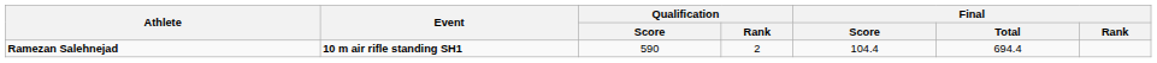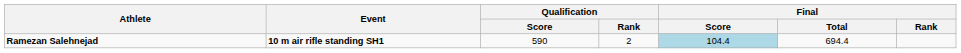 <table class="wikitable" width="75%" style="text-align:center; font-size:90%">
 <tr>
 <th rowspan="2" width="22%">Athlete</th>
 <th rowspan="2" width="18%">Event</th>
 <th colspan="2">Qualification</th>
 <th colspan="3">Final</th>
 </tr>
 <tr>
 <th width="10%">Score</th>
 <th width="5%">Rank</th>
 <th width="10%">Score</th>
 <th width="10%">Total</th>
 <th width="5%">Rank</th>
 </tr>
 <tr>
 <td align="left"><strong>Ramezan Salehnejad</strong></td>
 <td align="left"><strong>10 m air rifle standing SH1</strong></td>
 <td>590</td>
 <td>2 <strong></strong></td>
-<td>104.4</td>
+<td style="background: lightblue;">104.4</td>
 <td>694.4</td>
 <td></td>
 </tr>
 </table>
